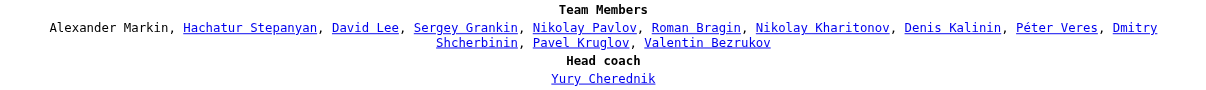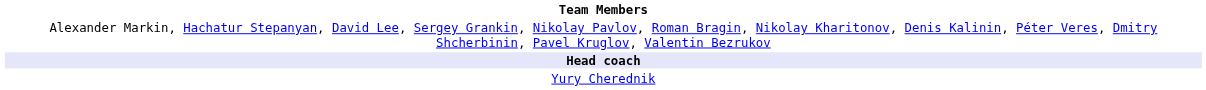 <table style="text-align: center; margin-top: 2em; margin-left: auto; margin-right: auto">
 <tr>
 <td><strong>Team Members</strong></td>
 </tr>
 <tr>
 <td>Alexander Markin, <a href='#'>Hachatur Stepanyan</a>, <a href='#'>David Lee</a>, <a href='#'>Sergey Grankin</a>, <a href='#'>Nikolay Pavlov</a>, <a href='#'>Roman Bragin</a>, <a href='#'>Nikolay Kharitonov</a>, <a href='#'>Denis Kalinin</a>, <a href='#'>Péter Veres</a>, <a href='#'>Dmitry Shcherbinin</a>, <a href='#'>Pavel Kruglov</a>, <a href='#'>Valentin Bezrukov</a></td>
 </tr>
 <tr>
-<td><strong>Head coach</strong></td>
+<td style="background: lavender;"><strong>Head coach</strong></td>
 </tr>
 <tr>
 <td><a href='#'>Yury Cherednik</a></td>
 </tr>
 </table>
